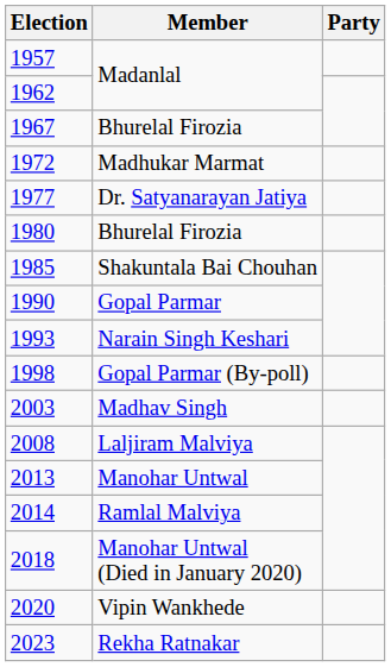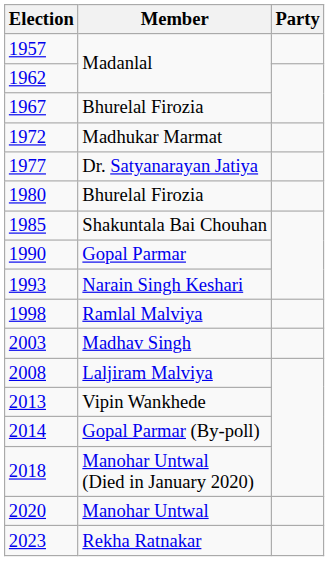 <table class="wikitable sortable">
 <tr>
 <th>Election</th>
 <th>Member</th>
 <th colspan="2">Party</th>
 </tr>
 <tr>
 <td><a href='#'>1957</a></td>
 <td rowspan="2">Madanlal</td>
 <td></td>
 </tr>
 <tr>
 <td><a href='#'>1962</a></td>
 </tr>
 <tr>
 <td><a href='#'>1967</a></td>
 <td>Bhurelal Firozia</td>
 </tr>
 <tr>
 <td><a href='#'>1972</a></td>
 <td>Madhukar Marmat</td>
 <td></td>
 </tr>
 <tr>
 <td><a href='#'>1977</a></td>
 <td>Dr. <a href='#'>Satyanarayan Jatiya</a></td>
 <td></td>
 </tr>
 <tr>
 <td><a href='#'>1980</a></td>
 <td>Bhurelal Firozia</td>
 <td></td>
 </tr>
 <tr>
 <td><a href='#'>1985</a></td>
 <td>Shakuntala Bai Chouhan</td>
 </tr>
 <tr>
 <td><a href='#'>1990</a></td>
 <td><a href='#'>Gopal Parmar</a></td>
 </tr>
 <tr>
 <td><a href='#'>1993</a></td>
 <td><a href='#'>Narain Singh Keshari</a></td>
 </tr>
 <tr>
 <td><a href='#'>1998</a></td>
-<td><a href='#'>Gopal Parmar</a> (By-poll)</td>
+<td><a href='#'>Ramlal Malviya</a></td>
 <td></td>
 </tr>
 <tr>
 <td><a href='#'>2003</a></td>
 <td><a href='#'>Madhav Singh</a></td>
 <td></td>
 </tr>
 <tr>
 <td><a href='#'>2008</a></td>
 <td><a href='#'>Laljiram Malviya</a></td>
 </tr>
 <tr>
 <td><a href='#'>2013</a></td>
-<td><a href='#'>Manohar Untwal</a></td>
+<td>Vipin Wankhede</td>
 </tr>
 <tr>
 <td><a href='#'>2014</a></td>
-<td><a href='#'>Ramlal Malviya</a></td>
+<td><a href='#'>Gopal Parmar</a> (By-poll)</td>
 </tr>
 <tr>
 <td><a href='#'>2018</a></td>
 <td><a href='#'>Manohar Untwal</a><br>(Died in January 2020)</td>
 </tr>
 <tr>
 <td><a href='#'>2020</a></td>
-<td>Vipin Wankhede</td>
+<td><a href='#'>Manohar Untwal</a></td>
 <td></td>
 </tr>
 <tr>
 <td><a href='#'>2023</a></td>
 <td><a href='#'>Rekha Ratnakar</a></td>
 <td></td>
 </tr>
 </table>
